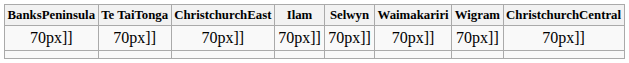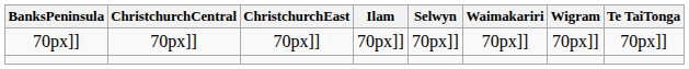 <table class="wikitable" style="text-align:center;">
 <tr>
 <th style="font-size:80%;">BanksPeninsula</th>
-<th style="font-size:80%;">Te TaiTonga</th>
+<th style="font-size:80%;">ChristchurchCentral</th>
 <th style="font-size:80%;">ChristchurchEast</th>
 <th style="font-size:80%;">Ilam</th>
 <th style="font-size:80%;">Selwyn</th>
 <th style="font-size:80%;">Waimakariri</th>
 <th style="font-size:80%;">Wigram</th>
-<th style="font-size:80%;">ChristchurchCentral</th>
+<th style="font-size:80%;">Te TaiTonga</th>
 </tr>
 <tr>
 <td [[>70px]]</td>
 <td [[>70px]]</td>
 <td [[>70px]]</td>
 <td [[>70px]]</td>
 <td [[>70px]]</td>
 <td [[>70px]]</td>
 <td [[>70px]]</td>
 <td [[>70px]]</td>
 </tr>
 <tr>
 <td><span></span></td>
 <td><span></span></td>
 <td><span></span></td>
 <td><span></span></td>
 <td><span></span></td>
 <td><span></span></td>
 <td><span></span></td>
 <td><span></span></td>
 </tr>
 </table>
